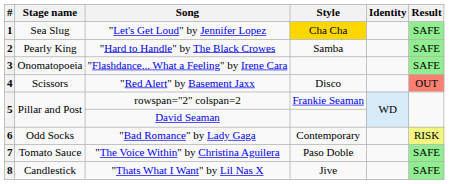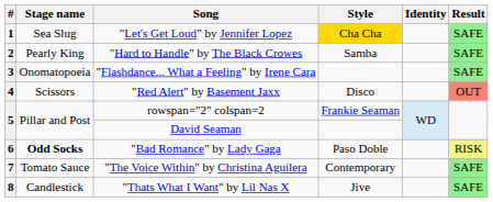 <table class="wikitable plainrowheaders" style="text-align: center;">
 <tr>
 <th>#</th>
 <th>Stage name</th>
 <th>Song</th>
 <th>Style</th>
 <th>Identity</th>
 <th>Result</th>
 </tr>
 <tr>
 <th>1</th>
 <td>Sea Slug</td>
 <td>"<a href='#'>Let's Get Loud</a>" by <a href='#'>Jennifer Lopez</a></td>
 <td style="background: gold;">Cha Cha</td>
 <td></td>
 <td bgcolor=lightgreen>SAFE</td>
 </tr>
 <tr>
 <th>2</th>
 <td>Pearly King</td>
 <td>"<a href='#'>Hard to Handle</a>" by <a href='#'>The Black Crowes</a></td>
 <td>Samba</td>
 <td></td>
 <td bgcolor=lightgreen>SAFE</td>
 </tr>
 <tr>
 <th>3</th>
 <td>Onomatopoeia</td>
 <td>"<a href='#'>Flashdance... What a Feeling</a>" by <a href='#'>Irene Cara</a></td>
 <td></td>
 <td></td>
 <td bgcolor=lightgreen>SAFE</td>
 </tr>
 <tr>
 <th>4</th>
 <td>Scissors</td>
 <td>"<a href='#'>Red Alert</a>" by <a href='#'>Basement Jaxx</a></td>
 <td>Disco</td>
 <td></td>
 <td bgcolor=salmon>OUT</td>
 </tr>
 <tr>
 <th rowspan="2">5</th>
 <td rowspan="2">Pillar and Post</td>
 <td>rowspan="2" colspan=2 </td>
 <td><a href='#'>Frankie Seaman</a></td>
 <td rowspan="2" bgcolor="#D6EAF8">WD</td>
 </tr>
 <tr>
 <td><a href='#'>David Seaman</a></td>
 </tr>
 <tr>
 <th>6</th>
-<td>Odd Socks</td>
+<td><strong>Odd Socks</strong></td>
 <td>"<a href='#'>Bad Romance</a>" by <a href='#'>Lady Gaga</a></td>
-<td>Contemporary</td>
+<td>Paso Doble</td>
 <td></td>
 <td bgcolor=#F3F781>RISK</td>
 </tr>
 <tr>
 <th>7</th>
 <td>Tomato Sauce</td>
 <td>"<a href='#'>The Voice Within</a>" by <a href='#'>Christina Aguilera</a></td>
-<td>Paso Doble</td>
+<td>Contemporary</td>
 <td></td>
 <td bgcolor=lightgreen>SAFE</td>
 </tr>
 <tr>
 <th>8</th>
 <td>Candlestick</td>
 <td>"<a href='#'>Thats What I Want</a>" by <a href='#'>Lil Nas X</a></td>
 <td>Jive</td>
 <td></td>
 <td bgcolor=lightgreen>SAFE</td>
 </tr>
 </table>
